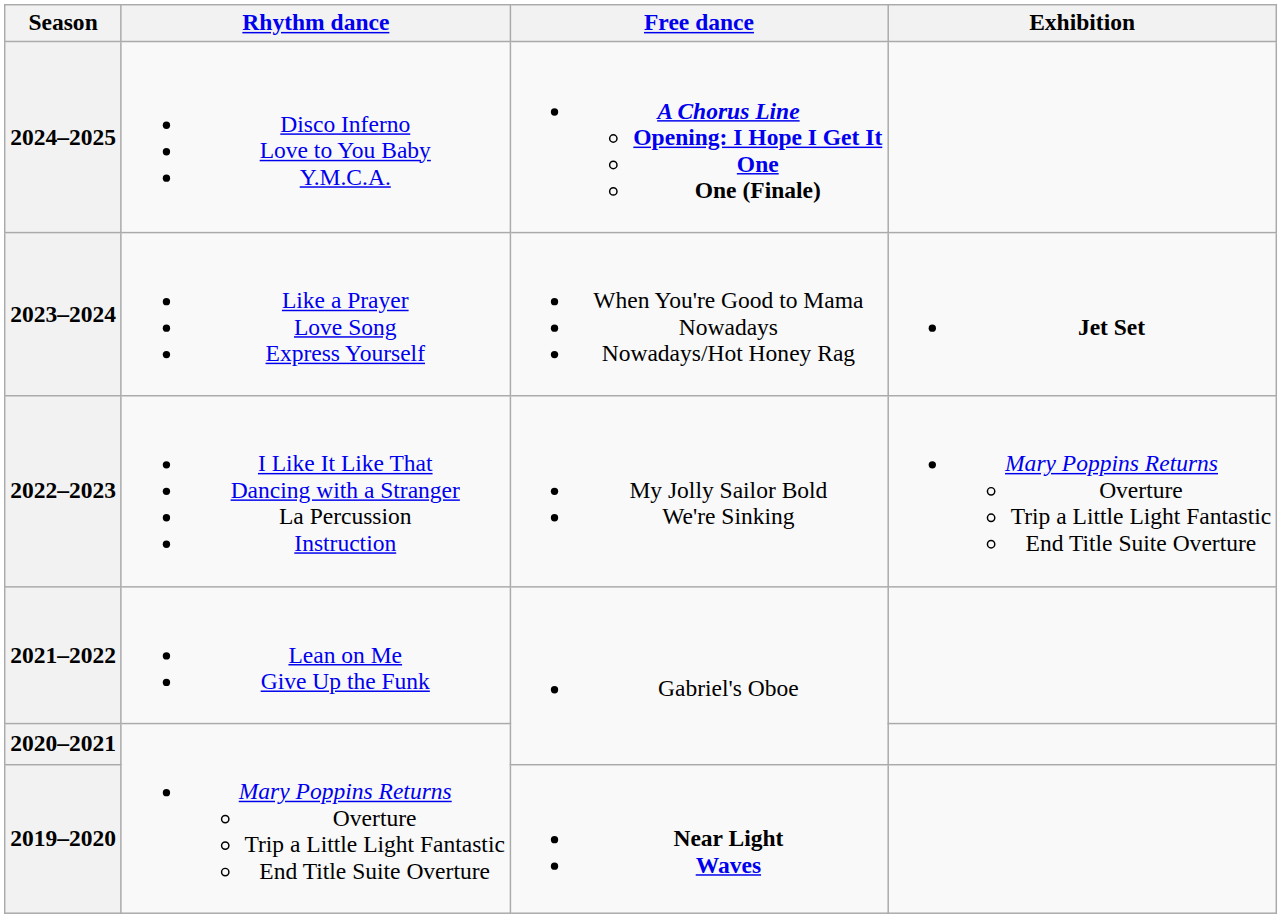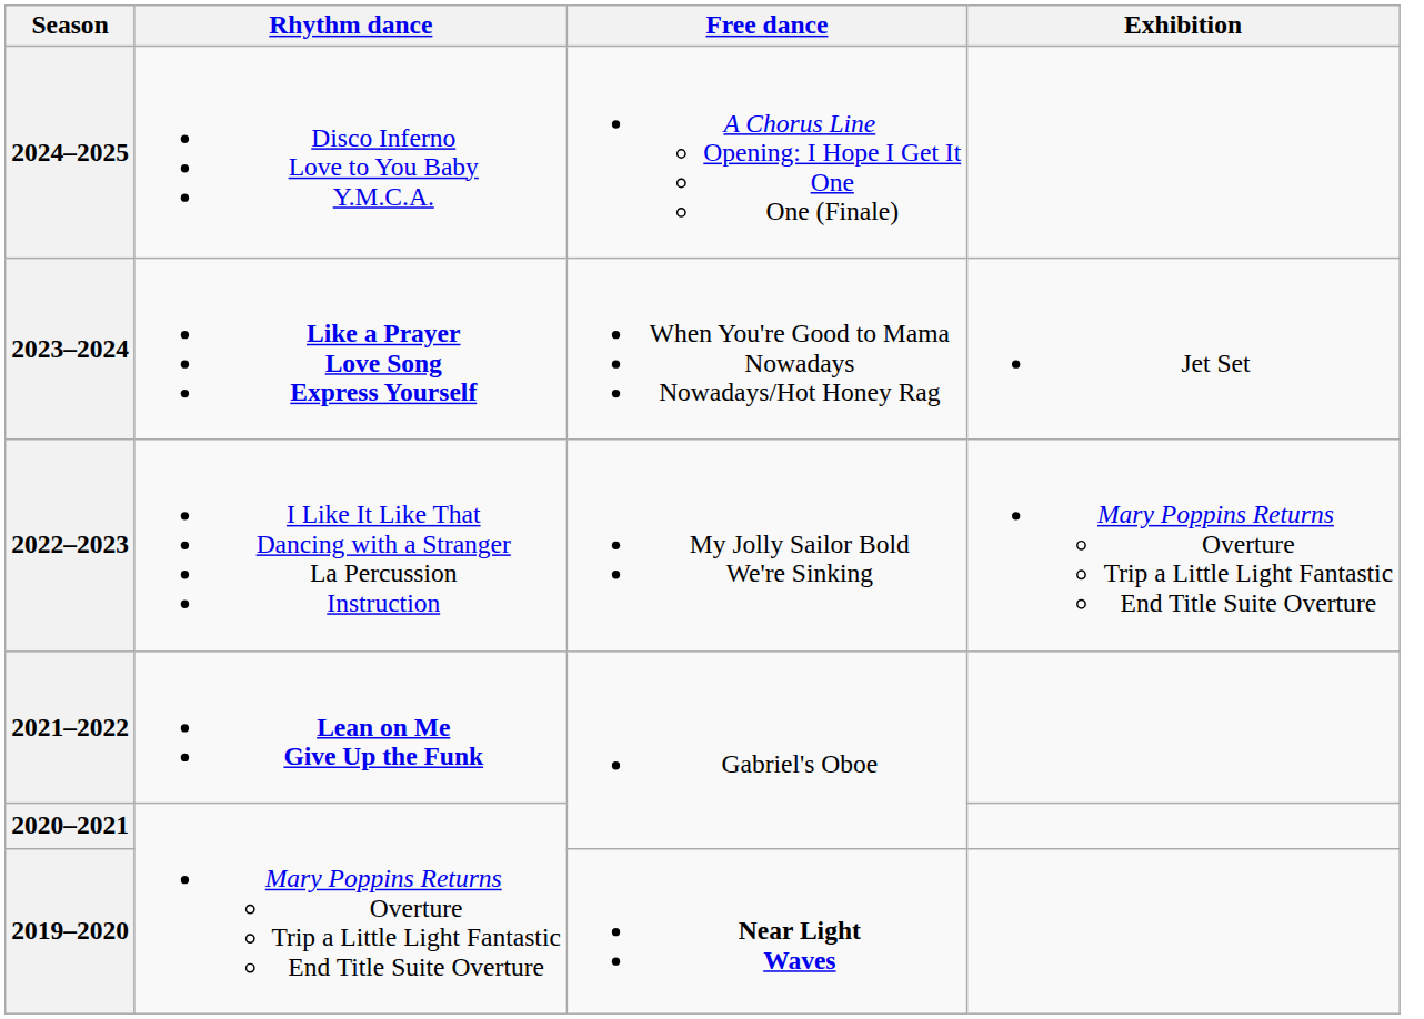 <table class=wikitable style=text-align:center>
 <tr>
 <th>Season</th>
 <th><a href='#'>Rhythm dance</a></th>
 <th><a href='#'>Free dance</a></th>
 <th>Exhibition</th>
 </tr>
 <tr>
 <th>2024–2025 <br> </th>
 <td><br><ul><li><a href='#'>Disco Inferno</a> <br> </li><li><a href='#'>Love to You Baby</a> <br> </li><li><a href='#'>Y.M.C.A.</a> <br> </li></ul></td>
-<td><strong><br><ul><li><em><a href='#'>A Chorus Line</a></em><ul><li><a href='#'>Opening: I Hope I Get It</a></li><li><a href='#'>One</a></li><li>One (Finale) <br></li></ul></li></ul></strong></td>
+<td><br><ul><li><em><a href='#'>A Chorus Line</a></em><ul><li><a href='#'>Opening: I Hope I Get It</a></li><li><a href='#'>One</a></li><li>One (Finale) <br></li></ul></li></ul></td>
 <td></td>
 </tr>
 <tr>
 <th>2023–2024 <br> </th>
-<td><br><ul><li><a href='#'>Like a Prayer</a></li><li><a href='#'>Love Song</a></li><li><a href='#'>Express Yourself</a> <br> </li></ul></td>
+<td><strong><br><ul><li><a href='#'>Like a Prayer</a></li><li><a href='#'>Love Song</a></li><li><a href='#'>Express Yourself</a> <br> </li></ul></strong></td>
 <td><br><ul><li>When You're Good to Mama <br> </li><li>Nowadays <br> </li><li>Nowadays/Hot Honey Rag <br> </li></ul></td>
-<td><strong><br><ul><li>Jet Set <br></li></ul></strong></td>
+<td><br><ul><li>Jet Set <br></li></ul></td>
 </tr>
 <tr>
 <th>2022–2023 <br> </th>
 <td><br><ul><li> <a href='#'>I Like It Like That</a> <br> </li><li> <a href='#'>Dancing with a Stranger</a> <br> </li><li> La Percussion <br></li><li> <a href='#'>Instruction</a><br> </li></ul></td>
 <td><br><ul><li>My Jolly Sailor Bold <br> </li><li>We're Sinking <br> </li></ul></td>
 <td><br><ul><li><em><a href='#'>Mary Poppins Returns</a></em><ul><li>Overture<br> </li><li>Trip a Little Light Fantastic <br> </li><li>End Title Suite Overture <br> </li></ul></li></ul></td>
 </tr>
 <tr>
 <th>2021–2022 <br> </th>
-<td><br><ul><li> <a href='#'>Lean on Me</a> <br> </li><li> <a href='#'>Give Up the Funk</a> <br> </li></ul></td>
+<td><strong><br><ul><li> <a href='#'>Lean on Me</a> <br> </li><li> <a href='#'>Give Up the Funk</a> <br> </li></ul></strong></td>
 <td rowspan=2><br><ul><li>Gabriel's Oboe <br> </li></ul></td>
 <td></td>
 </tr>
 <tr>
 <th>2020–2021 <br> </th>
 <td rowspan=2><br><ul><li><em><a href='#'>Mary Poppins Returns</a></em><ul><li> Overture<br> </li><li> Trip a Little Light Fantastic <br> </li><li>End Title Suite Overture <br> </li></ul></li></ul></td>
 <td></td>
 </tr>
 <tr>
 <th>2019–2020 <br> </th>
 <td><strong><br><ul><li>Near Light <br> </li><li><a href='#'>Waves</a> <br> </li></ul></strong></td>
 <td></td>
 </tr>
 </table>
